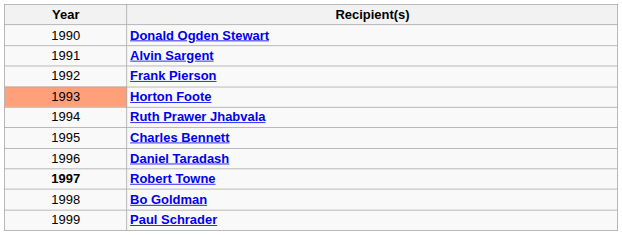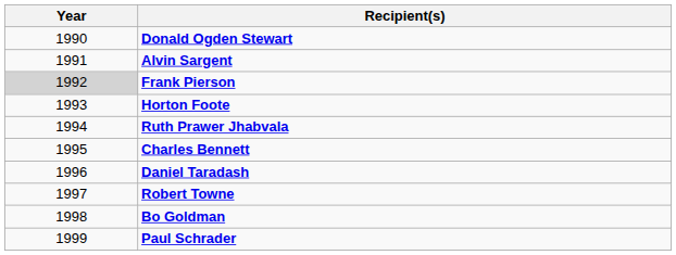 <table class="wikitable" style="width: 60%;">
 <tr>
 <th width="20%">Year</th>
 <th width="80%">Recipient(s)</th>
 </tr>
 <tr>
 <td style="text-align:center;">1990</td>
 <td><strong><a href='#'>Donald Ogden Stewart</a></strong></td>
 </tr>
 <tr>
 <td style="text-align:center;">1991</td>
 <td><strong><a href='#'>Alvin Sargent</a></strong></td>
 </tr>
 <tr>
-<td style="text-align:center;">1992</td>
+<td style="background: lightgrey; text-align:center;">1992</td>
 <td><strong><a href='#'>Frank Pierson</a></strong></td>
 </tr>
 <tr>
-<td style="background: lightsalmon; text-align:center;">1993</td>
+<td style="text-align:center;">1993</td>
 <td><strong><a href='#'>Horton Foote</a></strong></td>
 </tr>
 <tr>
 <td style="text-align:center;">1994</td>
 <td><strong><a href='#'>Ruth Prawer Jhabvala</a></strong></td>
 </tr>
 <tr>
 <td style="text-align:center;">1995</td>
 <td><strong><a href='#'>Charles Bennett</a></strong></td>
 </tr>
 <tr>
 <td style="text-align:center;">1996</td>
 <td><strong><a href='#'>Daniel Taradash</a></strong></td>
 </tr>
 <tr>
-<td style="text-align:center;"><strong>1997</strong></td>
+<td style="text-align:center;">1997</td>
 <td><strong><a href='#'>Robert Towne</a></strong></td>
 </tr>
 <tr>
 <td style="text-align:center;">1998</td>
 <td><strong><a href='#'>Bo Goldman</a></strong></td>
 </tr>
 <tr>
 <td style="text-align:center;">1999</td>
 <td><strong><a href='#'>Paul Schrader</a></strong></td>
 </tr>
 </table>
